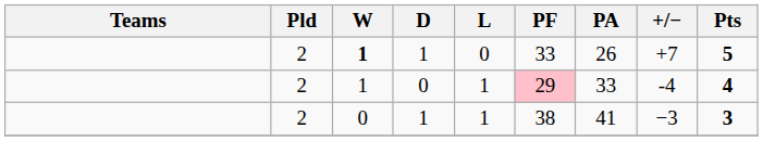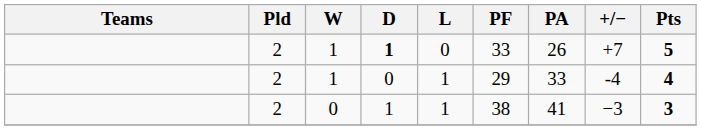 <table class="wikitable" style="text-align: center;">
 <tr>
 <th width="200">Teams</th>
 <th width="40">Pld</th>
 <th width="40">W</th>
 <th width="40">D</th>
 <th width="40">L</th>
 <th width="40">PF</th>
 <th width="40">PA</th>
 <th width="40">+/−</th>
 <th width="40">Pts</th>
 </tr>
 <tr>
 <td align=left></td>
 <td>2</td>
+<td>1</td>
 <td><strong>1</strong></td>
-<td>1</td>
 <td>0</td>
 <td>33</td>
 <td>26</td>
 <td>+7</td>
 <td><strong>5</strong></td>
 </tr>
 <tr>
 <td align=left></td>
 <td>2</td>
 <td>1</td>
 <td>0</td>
 <td>1</td>
-<td style="background: pink;">29</td>
+<td>29</td>
 <td>33</td>
 <td>-4</td>
 <td><strong>4</strong></td>
 </tr>
 <tr>
 <td align=left></td>
 <td>2</td>
 <td>0</td>
 <td>1</td>
 <td>1</td>
 <td>38</td>
 <td>41</td>
 <td>−3</td>
 <td><strong>3</strong></td>
 </tr>
 <tr>
 </tr>
 </table>
